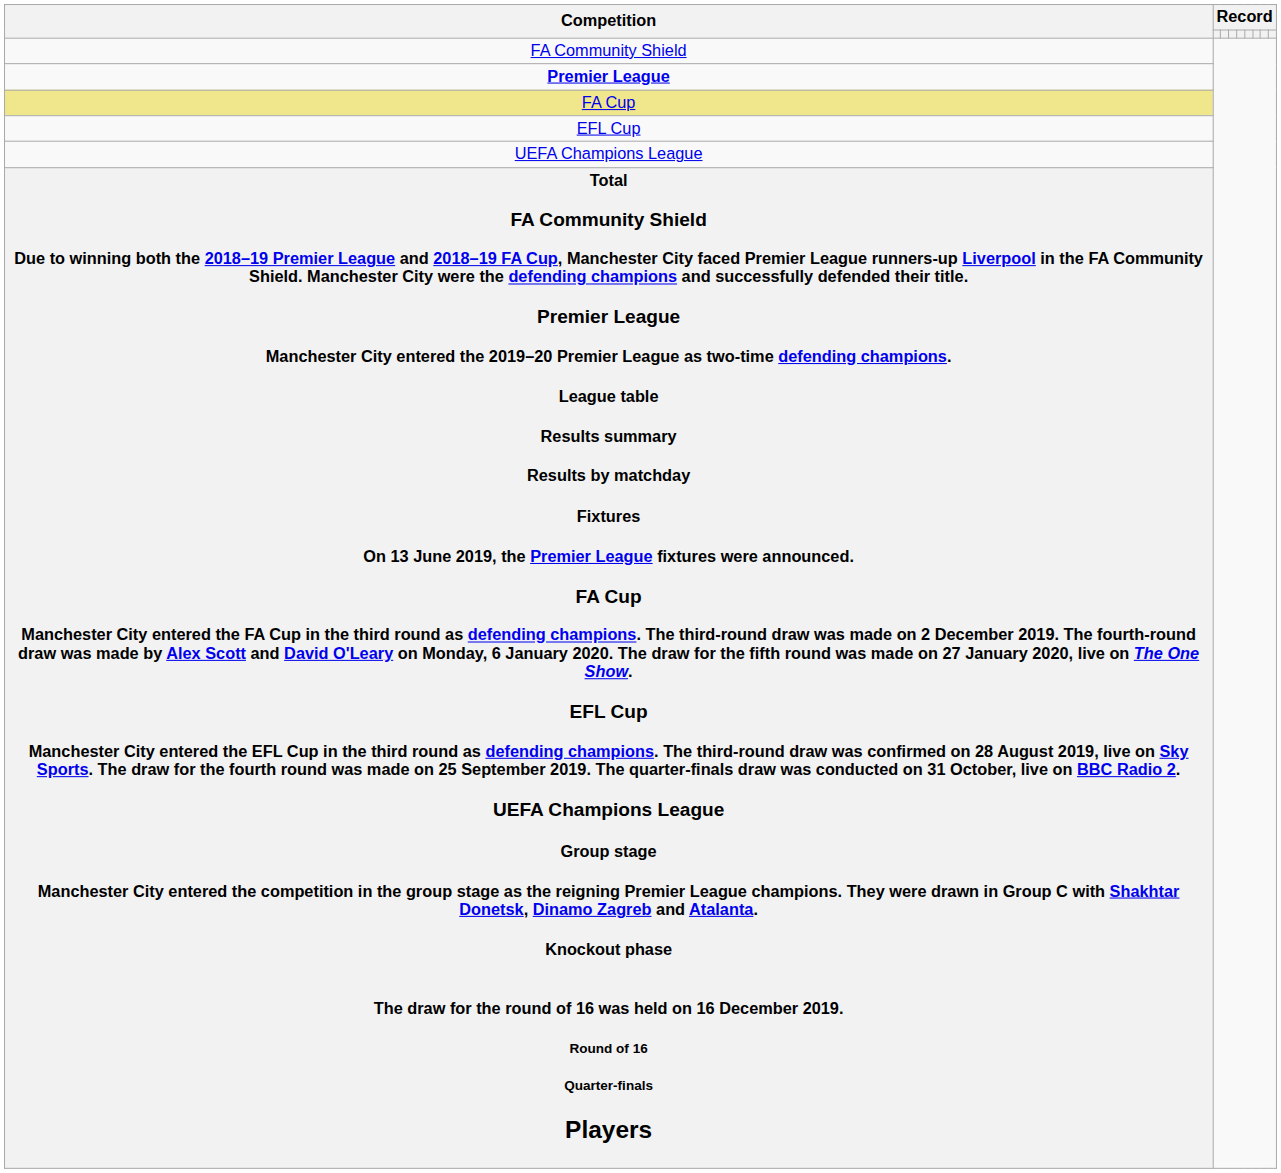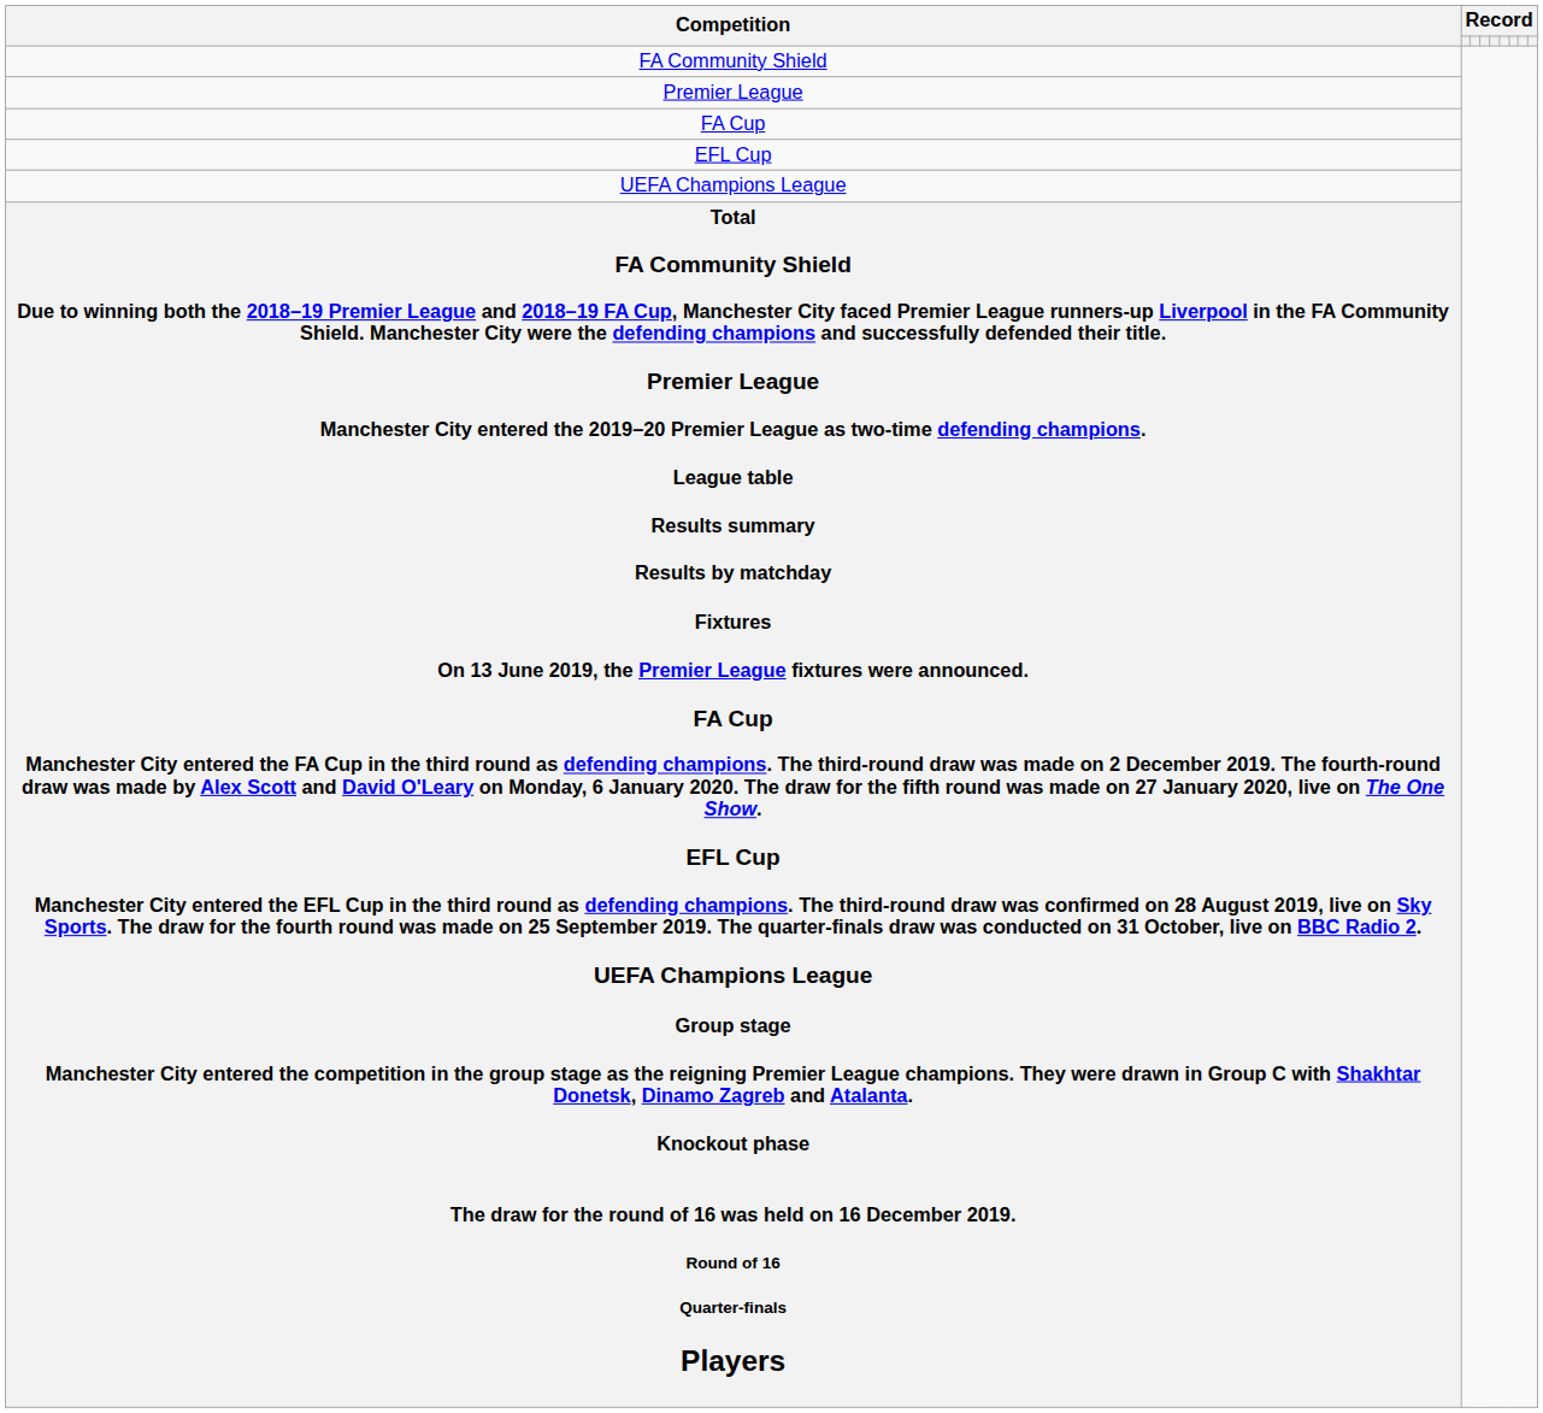 <table class="wikitable" style="text-align: center">
 <tr>
 <th rowspan=2>Competition</th>
 <th colspan=8>Record</th>
 </tr>
 <tr>
 <th></th>
 <th></th>
 <th></th>
 <th></th>
 <th></th>
 <th></th>
 <th></th>
 <th></th>
 </tr>
 <tr>
 <td><a href='#'>FA Community Shield</a><br></td>
 </tr>
 <tr>
-<td><strong><a href='#'>Premier League</a><br></strong></td>
+<td><a href='#'>Premier League</a><br></td>
 </tr>
 <tr>
-<td style="background: khaki;"><a href='#'>FA Cup</a><br></td>
+<td><a href='#'>FA Cup</a><br></td>
 </tr>
 <tr>
 <td><a href='#'>EFL Cup</a><br></td>
 </tr>
 <tr>
 <td><a href='#'>UEFA Champions League</a><br></td>
 </tr>
 <tr>
 <th>Total<br> <h3>FA Community Shield</h3> Due to winning both the <a href='#'>2018–19 Premier League</a> and <a href='#'>2018–19 FA Cup</a>, Manchester City faced Premier League runners-up <a href='#'>Liverpool</a> in the FA Community Shield. Manchester City were the <a href='#'>defending champions</a> and successfully defended their title.<br><h3>Premier League</h3> Manchester City entered the 2019–20 Premier League as two-time <a href='#'>defending champions</a>.<h4>League table</h4><h4>Results summary</h4> <h4>Results by matchday</h4><h4>Fixtures</h4>On 13 June 2019, the <a href='#'>Premier League</a> fixtures were announced.<br>                                     <h3>FA Cup</h3> Manchester City entered the FA Cup in the third round as <a href='#'>defending champions</a>. The third-round draw was made on 2 December 2019. The fourth-round draw was made by <a href='#'>Alex Scott</a> and <a href='#'>David O'Leary</a> on Monday, 6 January 2020. The draw for the fifth round was made on 27 January 2020, live on <em><a href='#'>The One Show</a></em>.<br>    <h3>EFL Cup</h3> Manchester City entered the EFL Cup in the third round as <a href='#'>defending champions</a>. The third-round draw was confirmed on 28 August 2019, live on <a href='#'>Sky Sports</a>. The draw for the fourth round was made on 25 September 2019. The quarter-finals draw was conducted on 31 October, live on <a href='#'>BBC Radio 2</a>.<br>     <h3>UEFA Champions League</h3><h4>Group stage</h4> Manchester City entered the competition in the group stage as the reigning Premier League champions. They were drawn in Group C with <a href='#'>Shakhtar Donetsk</a>, <a href='#'>Dinamo Zagreb</a> and <a href='#'>Atalanta</a>.<br>      <h4>Knockout phase</h4><br>The draw for the round of 16 was held on 16 December 2019.<h5>Round of 16</h5> <h5>Quarter-finals</h5><h2>Players</h2>                         </th>
 </tr>
 </table>
